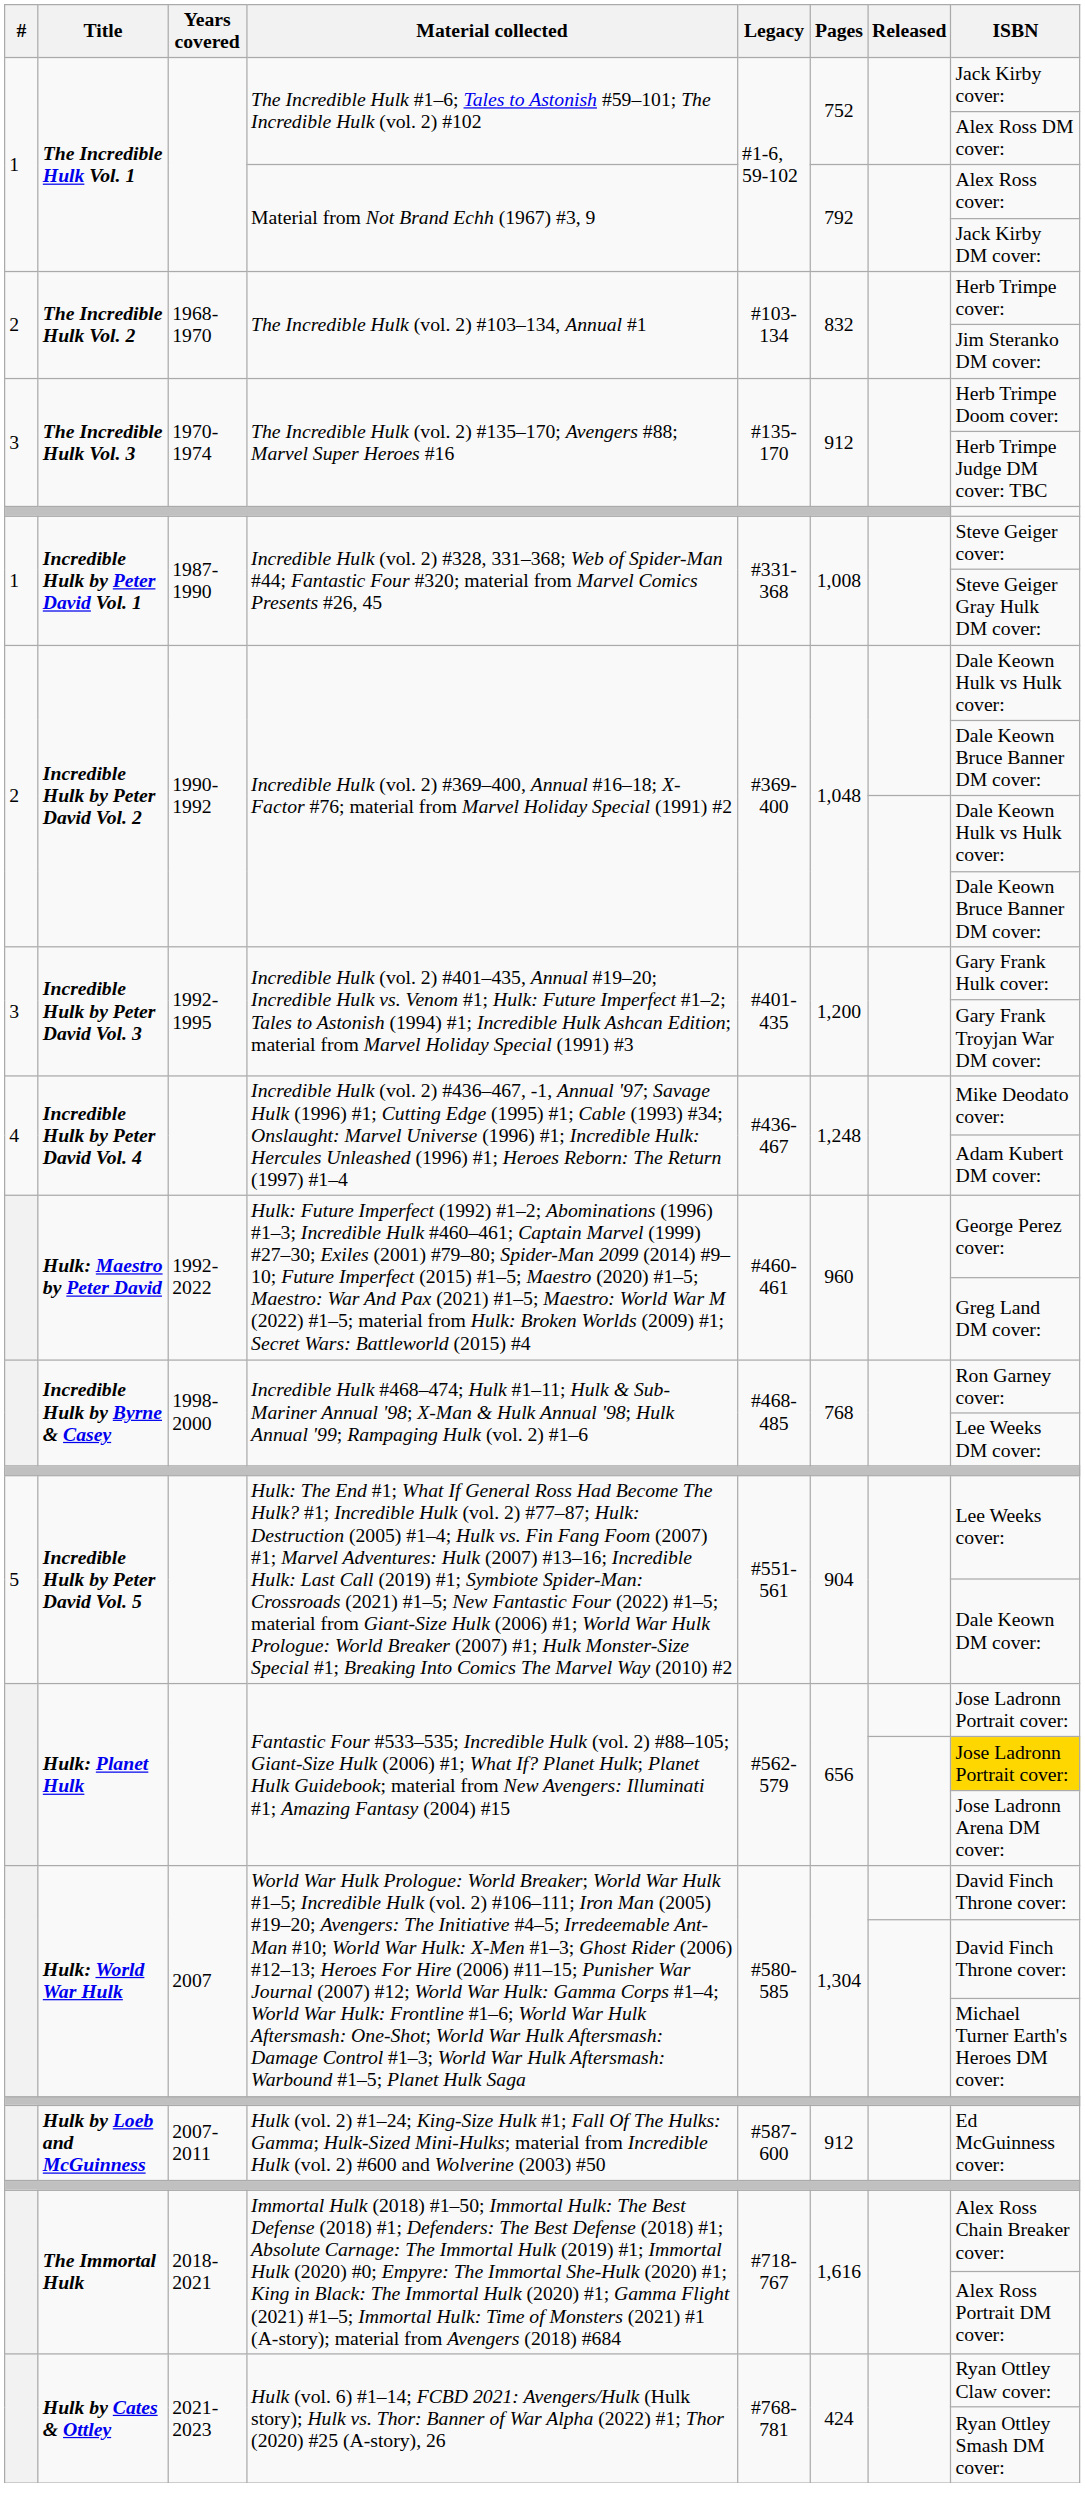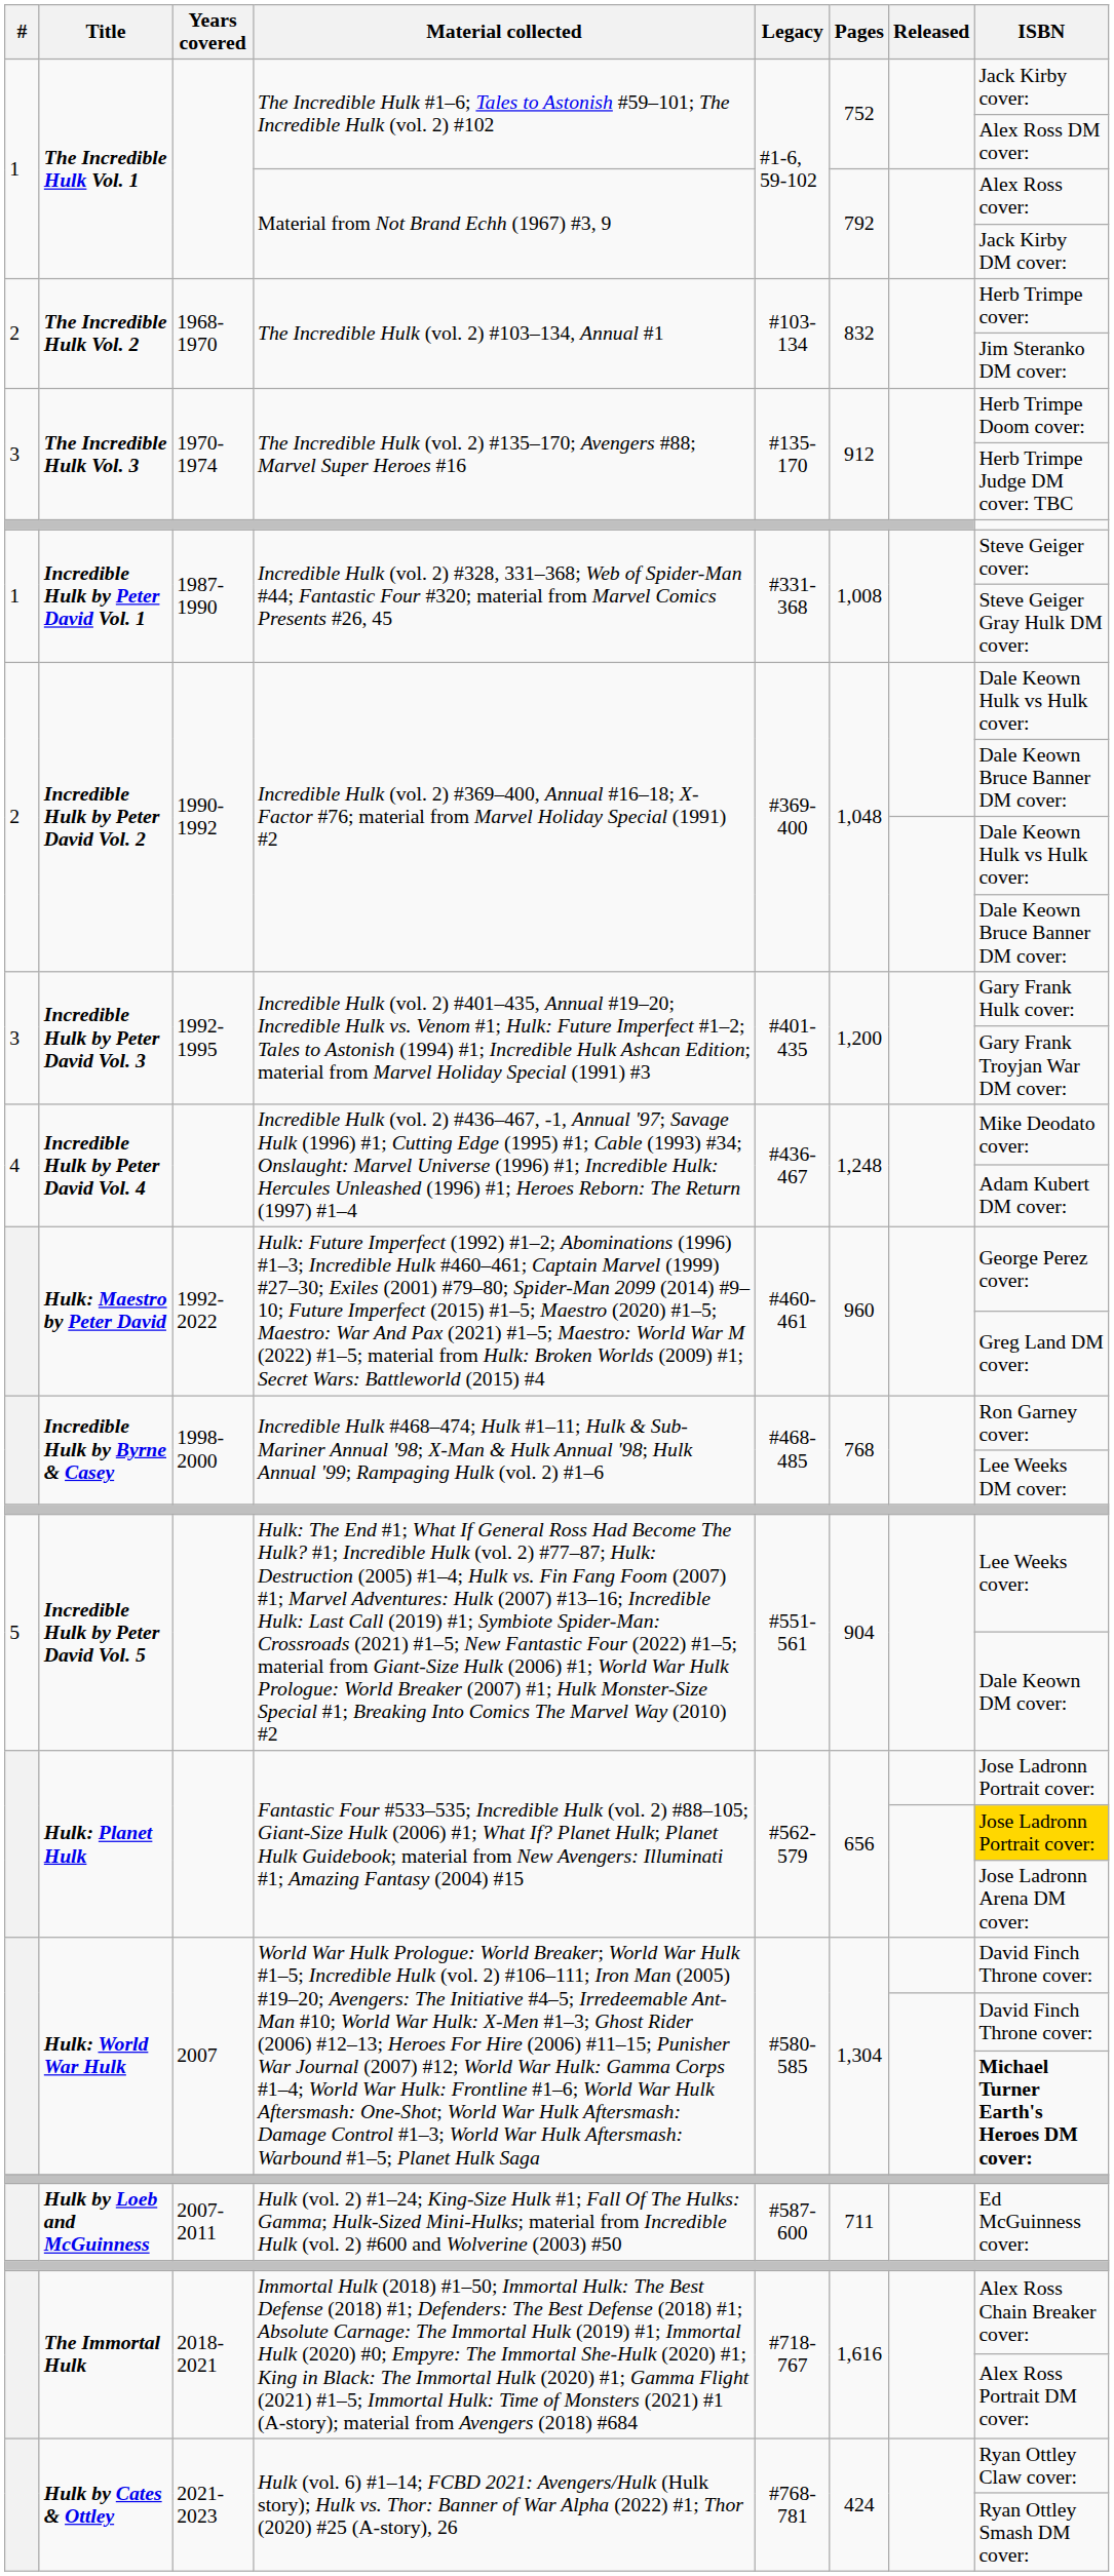 <table class="wikitable sortable" width="99%">
 <tr>
 <th class="unsortable" width="20px">#</th>
 <th>Title</th>
 <th>Years covered</th>
 <th class="unsortable">Material collected</th>
 <th>Legacy</th>
 <th>Pages</th>
 <th>Released</th>
 <th class="unsortable">ISBN</th>
 </tr>
 <tr>
 <td rowspan=4>1</td>
 <td rowspan=4><strong><em>The Incredible <a href='#'>Hulk</a> Vol. 1</em></strong></td>
 <td rowspan=4></td>
 <td rowspan=2><em>The Incredible Hulk</em> #1–6; <em><a href='#'>Tales to Astonish</a></em> #59–101; <em>The Incredible Hulk</em> (vol. 2) #102</td>
 <td rowspan=4>#1-6, 59-102</td>
 <td rowspan=2 style="text-align: center;">752</td>
 <td rowspan=2></td>
 <td>Jack Kirby cover: </td>
 </tr>
 <tr>
 <td>Alex Ross DM cover: </td>
 </tr>
 <tr>
 <td rowspan=2>Material from <em>Not Brand Echh</em> (1967) #3, 9</td>
 <td rowspan=2 style="text-align: center;">792</td>
 <td rowspan=2></td>
 <td>Alex Ross cover: </td>
 </tr>
 <tr>
 <td>Jack Kirby DM cover: </td>
 </tr>
 <tr>
 <td rowspan=2>2</td>
 <td rowspan=2><strong><em>The Incredible Hulk Vol. 2</em></strong></td>
 <td rowspan=2>1968-1970</td>
 <td rowspan=2><em>The Incredible Hulk</em> (vol. 2) #103–134, <em>Annual</em> #1</td>
 <td rowspan=2 style="text-align: center;">#103-134</td>
 <td rowspan=2 style="text-align: center;">832</td>
 <td rowspan=2></td>
 <td>Herb Trimpe cover: </td>
 </tr>
 <tr>
 <td>Jim Steranko DM cover: </td>
 </tr>
 <tr>
 <td rowspan=2>3</td>
 <td rowspan=2><strong><em>The Incredible Hulk Vol. 3</em></strong></td>
 <td rowspan=2>1970-1974</td>
 <td rowspan=2><em>The Incredible Hulk</em> (vol. 2) #135–170; <em>Avengers</em> #88; <em>Marvel Super Heroes</em> #16</td>
 <td rowspan=2 style="text-align: center;">#135-170</td>
 <td rowspan=2 style="text-align: center;">912</td>
 <td rowspan=2></td>
 <td>Herb Trimpe Doom cover: </td>
 </tr>
 <tr>
 <td>Herb Trimpe Judge DM cover: TBC</td>
 </tr>
 <tr>
 <th colspan="7" style="background-color: silver;"></th>
 </tr>
 <tr>
 <td rowspan=2>1</td>
 <td rowspan=2><strong><em>Incredible Hulk by <a href='#'>Peter David</a> Vol. 1</em></strong></td>
 <td rowspan=2>1987-1990</td>
 <td rowspan=2><em>Incredible Hulk</em> (vol. 2) #328, 331–368; <em>Web of Spider-Man</em> #44; <em>Fantastic Four</em> #320; material from <em>Marvel Comics Presents</em> #26, 45</td>
 <td rowspan=2 style="text-align: center;">#331-368</td>
 <td rowspan=2 style="text-align: center;">1,008</td>
 <td rowspan=2></td>
 <td>Steve Geiger cover: </td>
 </tr>
 <tr>
 <td>Steve Geiger Gray Hulk DM cover: </td>
 </tr>
 <tr>
 <td rowspan=4>2</td>
 <td rowspan=4><strong><em>Incredible Hulk by Peter David Vol. 2</em></strong></td>
 <td rowspan=4>1990-1992</td>
 <td rowspan=4><em>Incredible Hulk</em> (vol. 2) #369–400, <em>Annual</em> #16–18; <em>X-Factor</em> #76; material from <em>Marvel Holiday Special</em> (1991) #2</td>
 <td rowspan=4 style="text-align: center;">#369-400</td>
 <td rowspan=4 style="text-align: center;">1,048</td>
 <td rowspan=2></td>
 <td>Dale Keown Hulk vs Hulk cover: </td>
 </tr>
 <tr>
 <td>Dale Keown Bruce Banner DM cover: </td>
 </tr>
 <tr>
 <td rowspan=2></td>
 <td>Dale Keown Hulk vs Hulk cover: </td>
 </tr>
 <tr>
 <td>Dale Keown Bruce Banner DM cover: </td>
 </tr>
 <tr>
 <td rowspan=2>3</td>
 <td rowspan=2><strong><em>Incredible Hulk by Peter David Vol. 3</em></strong></td>
 <td rowspan=2>1992-1995</td>
 <td rowspan=2><em>Incredible Hulk</em> (vol. 2) #401–435, <em>Annual</em> #19–20; <em>Incredible Hulk vs. Venom</em> #1; <em>Hulk: Future Imperfect</em> #1–2; <em>Tales to Astonish</em> (1994) #1; <em>Incredible Hulk Ashcan Edition</em>; material from <em>Marvel Holiday Special</em> (1991) #3</td>
 <td rowspan=2 style="text-align: center;">#401-435</td>
 <td rowspan=2 style="text-align: center;">1,200</td>
 <td rowspan=2></td>
 <td>Gary Frank Hulk cover: </td>
 </tr>
 <tr>
 <td>Gary Frank Troyjan War DM cover: </td>
 </tr>
 <tr>
 <td rowspan=2>4</td>
 <td rowspan=2><strong><em>Incredible Hulk by Peter David Vol. 4</em></strong></td>
 <td rowspan=2></td>
 <td rowspan=2><em>Incredible Hulk</em> (vol. 2) #436–467, -1, <em>Annual '97</em>; <em>Savage Hulk</em> (1996) #1; <em>Cutting Edge</em> (1995) #1; <em>Cable</em> (1993) #34; <em>Onslaught: Marvel Universe</em> (1996) #1; <em>Incredible Hulk: Hercules Unleashed</em> (1996) #1; <em>Heroes Reborn: The Return</em> (1997) #1–4</td>
 <td rowspan=2 style="text-align: center;">#436-467</td>
 <td rowspan=2 style="text-align: center;">1,248</td>
 <td rowspan=2></td>
 <td>Mike Deodato cover: </td>
 </tr>
 <tr>
 <td>Adam Kubert DM cover: </td>
 </tr>
 <tr>
 <th rowspan=2 style="background-color: light grey;"></th>
 <td rowspan=2><strong><em>Hulk: <a href='#'>Maestro</a> by <a href='#'>Peter David</a></em></strong></td>
 <td rowspan=2>1992-2022</td>
 <td rowspan=2><em>Hulk: Future Imperfect</em> (1992) #1–2; <em>Abominations</em> (1996) #1–3; <em>Incredible Hulk</em> #460–461; <em>Captain Marvel</em> (1999) #27–30; <em>Exiles</em> (2001) #79–80; <em>Spider-Man 2099</em> (2014) #9–10; <em>Future Imperfect</em> (2015) #1–5; <em>Maestro</em> (2020) #1–5; <em>Maestro: War And Pax</em> (2021) #1–5; <em>Maestro: World War M</em> (2022) #1–5; material from <em>Hulk: Broken Worlds</em> (2009) #1; <em>Secret Wars: Battleworld</em> (2015) #4</td>
 <td rowspan=2 style="text-align: center;">#460-461</td>
 <td rowspan=2 style="text-align: center;">960</td>
 <td rowspan=2></td>
 <td>George Perez cover: </td>
 </tr>
 <tr>
 <td>Greg Land DM cover: </td>
 </tr>
 <tr>
 <th rowspan=2 style="background-color: light grey;"></th>
 <td rowspan=2><strong><em>Incredible Hulk by <a href='#'>Byrne</a> & <a href='#'>Casey</a></em></strong></td>
 <td rowspan=2>1998-2000</td>
 <td rowspan=2><em>Incredible Hulk</em> #468–474; <em>Hulk</em> #1–11; <em>Hulk & Sub-Mariner Annual '98</em>; <em>X-Man & Hulk Annual '98</em>; <em>Hulk Annual '99</em>; <em>Rampaging Hulk</em> (vol. 2) #1–6</td>
 <td rowspan=2 style="text-align: center;">#468-485</td>
 <td rowspan=2 style="text-align: center;">768</td>
 <td rowspan=2></td>
 <td>Ron Garney cover: </td>
 </tr>
 <tr>
 <td>Lee Weeks DM cover: </td>
 </tr>
 <tr>
 <th colspan=8 style="background-color: silver;"></th>
 </tr>
 <tr>
 <td rowspan=2>5</td>
 <td rowspan=2><strong><em>Incredible Hulk by Peter David Vol. 5</em></strong></td>
 <td rowspan=2></td>
 <td rowspan=2><em>Hulk: The End</em> #1; <em>What If General Ross Had Become The Hulk?</em> #1; <em>Incredible Hulk</em> (vol. 2) #77–87; <em>Hulk: Destruction</em> (2005) #1–4; <em>Hulk vs. Fin Fang Foom</em> (2007) #1; <em>Marvel Adventures: Hulk</em> (2007) #13–16; <em>Incredible Hulk: Last Call</em> (2019) #1; <em>Symbiote Spider-Man: Crossroads</em> (2021) #1–5; <em>New Fantastic Four</em> (2022) #1–5; material from <em>Giant-Size Hulk</em> (2006) #1; <em>World War Hulk Prologue: World Breaker</em> (2007) #1; <em>Hulk Monster-Size Special</em> #1; <em>Breaking Into Comics The Marvel Way</em> (2010) #2</td>
 <td rowspan=2 style="text-align: center;">#551-561</td>
 <td rowspan=2 style="text-align: center;">904</td>
 <td rowspan=2></td>
 <td>Lee Weeks cover: </td>
 </tr>
 <tr>
 <td>Dale Keown DM cover: </td>
 </tr>
 <tr>
 <th rowspan=3 style="background-color: light grey;"></th>
 <td rowspan=3><strong><em>Hulk: <a href='#'>Planet Hulk</a></em></strong></td>
 <td rowspan=3></td>
 <td rowspan=3><em>Fantastic Four</em> #533–535; <em>Incredible Hulk</em> (vol. 2) #88–105; <em>Giant-Size Hulk</em> (2006) #1; <em>What If? Planet Hulk</em>; <em>Planet Hulk Guidebook</em>; material from <em>New Avengers: Illuminati</em> #1; <em>Amazing Fantasy</em> (2004) #15</td>
 <td rowspan=3 style="text-align: center;">#562-579</td>
 <td rowspan=3 style="text-align: center;">656</td>
 <td></td>
 <td>Jose Ladronn Portrait cover: </td>
 </tr>
 <tr>
 <td rowspan=2></td>
 <td style="background: gold;">Jose Ladronn Portrait cover: </td>
 </tr>
 <tr>
 <td>Jose Ladronn Arena DM cover: </td>
 </tr>
 <tr>
 <th rowspan=3 style="background-color: light grey;"></th>
 <td rowspan=3><strong><em>Hulk: <a href='#'>World War Hulk</a></em></strong></td>
 <td rowspan=3>2007</td>
 <td rowspan=3><em>World War Hulk Prologue: World Breaker</em>; <em>World War Hulk</em> #1–5; <em>Incredible Hulk</em> (vol. 2) #106–111; <em>Iron Man</em> (2005) #19–20; <em>Avengers: The Initiative</em> #4–5; <em>Irredeemable Ant-Man</em> #10; <em>World War Hulk: X-Men</em> #1–3; <em>Ghost Rider</em> (2006) #12–13; <em>Heroes For Hire</em> (2006) #11–15; <em>Punisher War Journal</em> (2007) #12; <em>World War Hulk: Gamma Corps</em> #1–4; <em>World War Hulk: Frontline</em> #1–6; <em>World War Hulk Aftersmash: One-Shot</em>; <em>World War Hulk Aftersmash: Damage Control</em> #1–3; <em>World War Hulk Aftersmash: Warbound</em> #1–5; <em>Planet Hulk Saga</em></td>
 <td rowspan=3 style="text-align: center;">#580-585</td>
 <td rowspan=3 style="text-align: center;">1,304</td>
 <td></td>
 <td>David Finch Throne cover: </td>
 </tr>
 <tr>
 <td rowspan=2></td>
 <td>David Finch Throne cover: </td>
 </tr>
 <tr>
-<td>Michael Turner Earth's Heroes DM cover: </td>
+<td><strong>Michael Turner Earth's Heroes DM cover: </strong></td>
 </tr>
 <tr>
 <th colspan=8 style="background-color: silver;"></th>
 </tr>
 <tr>
 <th style="background-color: light grey;"></th>
 <td><strong><em>Hulk by <a href='#'>Loeb</a> and <a href='#'>McGuinness</a></em></strong></td>
 <td>2007-2011</td>
 <td><em>Hulk</em> (vol. 2) #1–24; <em>King-Size Hulk</em> #1; <em>Fall Of The Hulks: Gamma</em>; <em>Hulk-Sized Mini-Hulks</em>; material from <em>Incredible Hulk</em> (vol. 2) #600 and <em>Wolverine</em> (2003) #50</td>
 <td style="text-align: center;">#587-600</td>
-<td style="text-align: center;">912</td>
+<td style="text-align: center;">711</td>
 <td></td>
 <td>Ed McGuinness cover: </td>
 </tr>
 <tr>
 <th colspan=8 style="background-color: silver;"></th>
 </tr>
 <tr>
 <th rowspan=2 style="background-color: light grey;"></th>
 <td rowspan=2><strong><em>The Immortal Hulk</em></strong></td>
 <td rowspan=2>2018-2021</td>
 <td rowspan=2><em>Immortal Hulk</em> (2018) #1–50; <em>Immortal Hulk: The Best Defense</em> (2018) #1; <em>Defenders: The Best Defense</em> (2018) #1; <em>Absolute Carnage: The Immortal Hulk</em> (2019) #1; <em>Immortal Hulk</em> (2020) #0; <em>Empyre: The Immortal She-Hulk</em> (2020) #1; <em>King in Black: The Immortal Hulk</em> (2020) #1; <em>Gamma Flight</em> (2021) #1–5; <em>Immortal Hulk: Time of Monsters</em> (2021) #1 (A-story); material from <em>Avengers</em> (2018) #684</td>
 <td rowspan=2 style="text-align: center;">#718-767</td>
 <td rowspan=2 style="text-align: center;">1,616</td>
 <td rowspan=2></td>
 <td>Alex Ross Chain Breaker cover: </td>
 </tr>
 <tr>
 <td>Alex Ross Portrait DM cover: </td>
 </tr>
 <tr>
 <th rowspan=2 style="background-color: light grey;"></th>
 <td rowspan=2><strong><em>Hulk by <a href='#'>Cates</a> & <a href='#'>Ottley</a></em></strong></td>
 <td rowspan=2>2021-2023</td>
 <td rowspan=2><em>Hulk</em> (vol. 6) #1–14; <em>FCBD 2021: Avengers/Hulk</em> (Hulk story); <em>Hulk vs. Thor: Banner of War Alpha</em> (2022) #1; <em>Thor</em> (2020) #25 (A-story), 26</td>
 <td rowspan=2 style="text-align: center;">#768-781</td>
 <td rowspan=2 style="text-align: center;">424</td>
 <td rowspan=2></td>
 <td>Ryan Ottley Claw cover: </td>
 </tr>
 <tr>
 <td>Ryan Ottley Smash DM cover: </td>
 </tr>
 </table>
